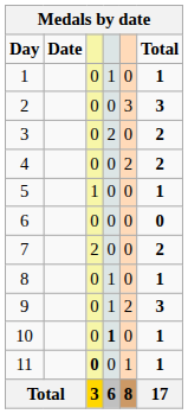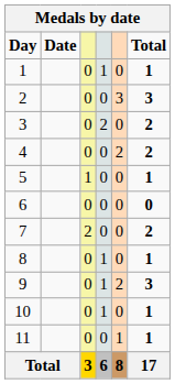 <table class="wikitable" style="font-size:90%; text-align:center">
 <tr style="background:#efefef;">
 <th colspan=6>Medals by date</th>
 </tr>
 <tr>
 <td><strong>Day</strong></td>
 <td><strong>Date</strong></td>
 <td style="background:#F7F6A8;"></td>
 <td style="background:#DCE5E5;"></td>
 <td style="background:#FFDAB9;"></td>
 <td><strong>Total</strong></td>
 </tr>
 <tr>
 <td>1</td>
 <td></td>
 <td style="background:#F7F6A8;">0</td>
 <td style="background:#DCE5E5;">1</td>
 <td style="background:#FFDAB9;">0</td>
 <td><strong>1</strong></td>
 </tr>
 <tr>
 <td>2</td>
 <td></td>
 <td style="background:#F7F6A8;">0</td>
 <td style="background:#DCE5E5;">0</td>
 <td style="background:#FFDAB9;">3</td>
 <td><strong>3</strong></td>
 </tr>
 <tr>
 <td>3</td>
 <td></td>
 <td style="background:#F7F6A8;">0</td>
 <td style="background:#DCE5E5;">2</td>
 <td style="background:#FFDAB9;">0</td>
 <td><strong>2</strong></td>
 </tr>
 <tr>
 <td>4</td>
 <td></td>
 <td style="background:#F7F6A8;">0</td>
 <td style="background:#DCE5E5;">0</td>
 <td style="background:#FFDAB9;">2</td>
 <td><strong>2</strong></td>
 </tr>
 <tr>
 <td>5</td>
 <td></td>
 <td style="background:#F7F6A8;">1</td>
 <td style="background:#DCE5E5;">0</td>
 <td style="background:#FFDAB9;">0</td>
 <td><strong>1</strong></td>
 </tr>
 <tr>
 <td>6</td>
 <td></td>
 <td style="background:#F7F6A8;">0</td>
 <td style="background:#DCE5E5;">0</td>
 <td style="background:#FFDAB9;">0</td>
 <td><strong>0</strong></td>
 </tr>
 <tr>
 <td>7</td>
 <td></td>
 <td style="background:#F7F6A8;">2</td>
 <td style="background:#DCE5E5;">0</td>
 <td style="background:#FFDAB9;">0</td>
 <td><strong>2</strong></td>
 </tr>
 <tr>
 <td>8</td>
 <td></td>
 <td style="background:#F7F6A8;">0</td>
 <td style="background:#DCE5E5;">1</td>
 <td style="background:#FFDAB9;">0</td>
 <td><strong>1</strong></td>
 </tr>
 <tr>
 <td>9</td>
 <td></td>
 <td style="background:#F7F6A8;">0</td>
 <td style="background:#DCE5E5;">1</td>
 <td style="background:#FFDAB9;">2</td>
 <td><strong>3</strong></td>
 </tr>
 <tr>
 <td>10</td>
 <td></td>
 <td style="background:#F7F6A8;">0</td>
-<td style="background:#DCE5E5;"><strong>1</strong></td>
+<td style="background:#DCE5E5;">1</td>
 <td style="background:#FFDAB9;">0</td>
 <td><strong>1</strong></td>
 </tr>
 <tr>
 <td>11</td>
 <td></td>
-<td style="background:#F7F6A8;"><strong>0</strong></td>
+<td style="background:#F7F6A8;">0</td>
 <td style="background:#DCE5E5;">0</td>
 <td style="background:#FFDAB9;">1</td>
 <td><strong>1</strong></td>
 </tr>
 <tr align=center>
 <th colspan=2>Total</th>
 <th style="background:gold;">3</th>
 <th style="background:silver;">6</th>
 <th style="background:#c96;">8</th>
 <th>17</th>
 </tr>
 </table>
